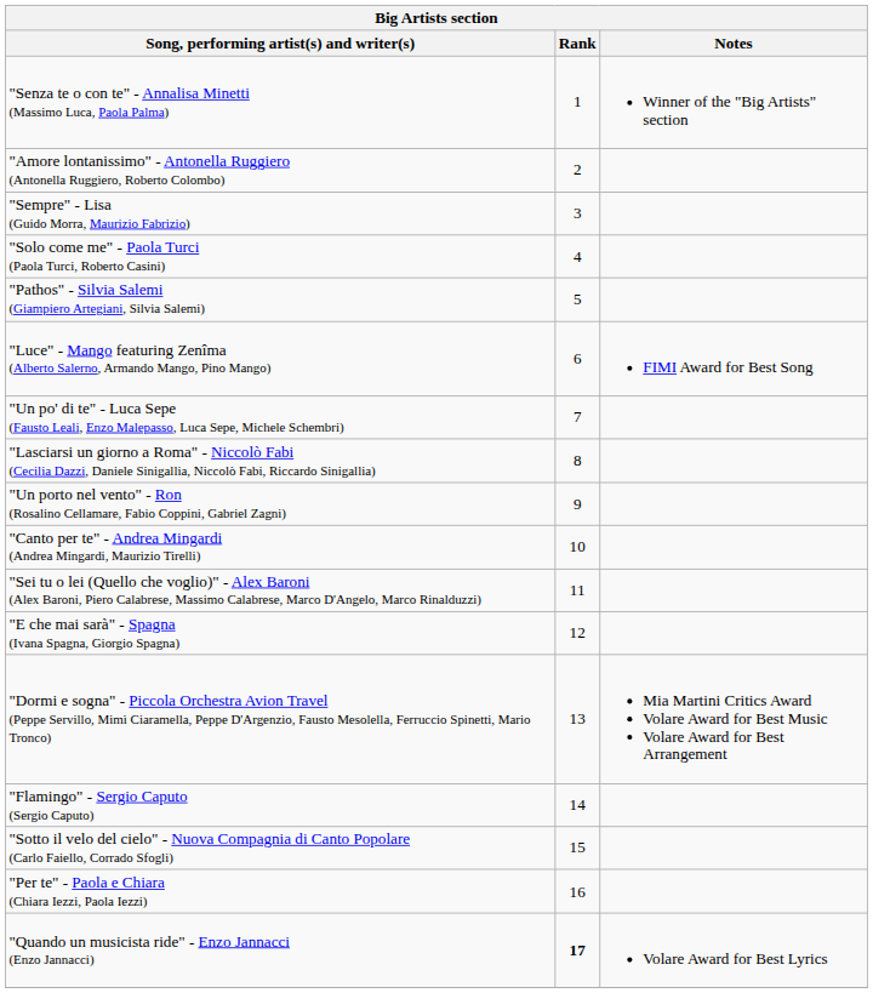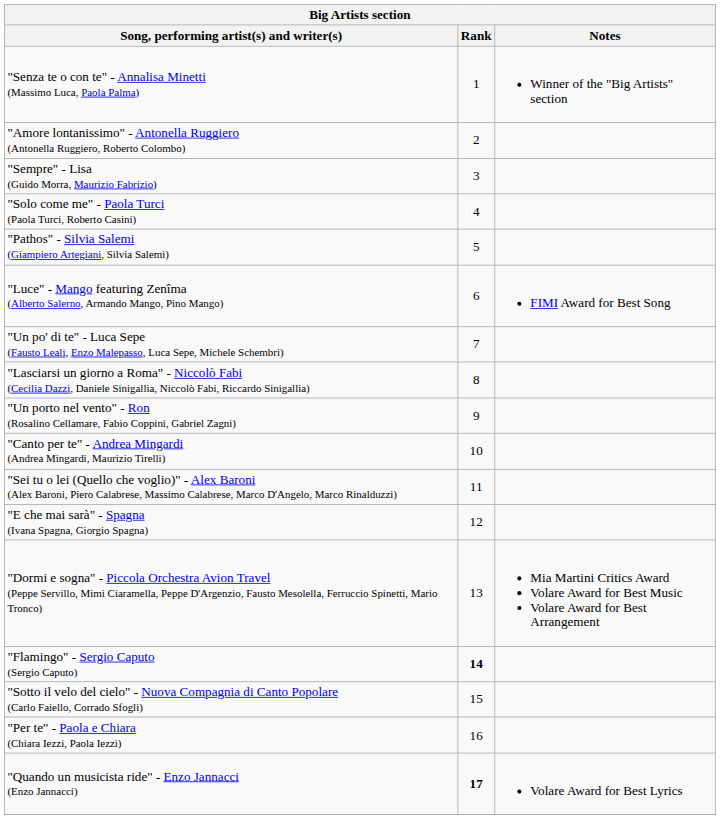 <table class="plainrowheaders wikitable">
 <tr>
 <th colspan="3">Big Artists section</th>
 </tr>
 <tr>
 <th>Song, performing artist(s) and writer(s)</th>
 <th>Rank</th>
 <th>Notes</th>
 </tr>
 <tr>
 <td>"Senza te o con te" - <a href='#'>Annalisa Minetti</a><br><small> 	(Massimo Luca, <a href='#'>Paola Palma</a>) 	</small></td>
 <td align="center">1</td>
 <td><br><ul><li>Winner of the "Big Artists" section</li></ul></td>
 </tr>
 <tr>
 <td>"Amore lontanissimo" - <a href='#'>Antonella Ruggiero</a><br><small> 	 	(Antonella Ruggiero, Roberto Colombo) 	</small></td>
 <td align="center">2</td>
 <td></td>
 </tr>
 <tr>
 <td>"Sempre" - Lisa<br><small> 	(Guido Morra, <a href='#'>Maurizio Fabrizio</a>) 	</small></td>
 <td align="center">3</td>
 <td></td>
 </tr>
 <tr>
 <td>"Solo come me" - <a href='#'>Paola Turci</a><br> <small>	 	(Paola Turci, Roberto Casini) 	</small></td>
 <td align="center">4</td>
 <td></td>
 </tr>
 <tr>
 <td>"Pathos" - <a href='#'>Silvia Salemi</a><br> <small>	 	(<a href='#'>Giampiero Artegiani</a>, Silvia Salemi) 	</small></td>
 <td align="center">5</td>
 <td></td>
 </tr>
 <tr>
 <td>"Luce" - <a href='#'>Mango</a> featuring Zenîma<br><small> 	 	(<a href='#'>Alberto Salerno</a>, Armando Mango, Pino Mango) 	</small></td>
 <td align="center">6</td>
 <td><br><ul><li><a href='#'>FIMI</a> Award for Best Song</li></ul></td>
 </tr>
 <tr>
 <td>"Un po' di te" - Luca Sepe<br> <small>	 	(<a href='#'>Fausto Leali</a>, <a href='#'>Enzo Malepasso</a>, Luca Sepe, Michele Schembri) 	 </small></td>
 <td align="center">7</td>
 <td></td>
 </tr>
 <tr>
 <td>"Lasciarsi un giorno a Roma" - <a href='#'>Niccolò Fabi</a><br><small> 	 	(<a href='#'>Cecilia Dazzi</a>, Daniele Sinigallia, Niccolò Fabi, Riccardo Sinigallia) 	</small></td>
 <td align="center">8</td>
 <td></td>
 </tr>
 <tr>
 <td>"Un porto nel vento" - <a href='#'>Ron</a><br><small> 	 	(Rosalino Cellamare, Fabio Coppini, Gabriel Zagni) 	</small></td>
 <td align="center">9</td>
 <td></td>
 </tr>
 <tr>
 <td>"Canto per te" - <a href='#'>Andrea Mingardi</a><br><small> 	(Andrea Mingardi, Maurizio Tirelli) 	</small></td>
 <td align="center">10</td>
 <td></td>
 </tr>
 <tr>
 <td>"Sei tu o lei (Quello che voglio)" - <a href='#'>Alex Baroni</a><br> <small>	 	(Alex Baroni, Piero Calabrese, Massimo Calabrese, Marco D'Angelo, Marco Rinalduzzi) 	</small></td>
 <td align="center">11</td>
 <td></td>
 </tr>
 <tr>
 <td>"E che mai sarà" - <a href='#'>Spagna</a><br> <small>	 	(Ivana Spagna, Giorgio Spagna) 	</small></td>
 <td align="center">12</td>
 <td></td>
 </tr>
 <tr>
 <td>"Dormi e sogna" - <a href='#'>Piccola Orchestra Avion Travel</a><br><small> 	 	(Peppe Servillo, Mimì Ciaramella, Peppe D'Argenzio, Fausto Mesolella, Ferruccio Spinetti, Mario Tronco) 	</small></td>
 <td align="center">13</td>
 <td><br><ul><li>Mia Martini Critics Award</li><li>Volare Award for Best Music</li><li>Volare Award for Best Arrangement</li></ul></td>
 </tr>
 <tr>
 <td>"Flamingo" - <a href='#'>Sergio Caputo</a><br><small> 	 	(Sergio Caputo) 	</small></td>
-<td align="center">14</td>
+<td align="center"><strong>14</strong></td>
 <td></td>
 </tr>
 <tr>
 <td>"Sotto il velo del cielo" - <a href='#'>Nuova Compagnia di Canto Popolare</a> <br><small> 	(Carlo Faiello, Corrado Sfogli) 	</small></td>
 <td align="center">15</td>
 <td></td>
 </tr>
 <tr>
 <td>"Per te" - <a href='#'>Paola e Chiara</a><br><small> 	 	(Chiara Iezzi, Paola Iezzi) 	</small></td>
 <td align="center">16</td>
 <td></td>
 </tr>
 <tr>
 <td>"Quando un musicista ride" - <a href='#'>Enzo Jannacci</a><br> <small>	 	(Enzo Jannacci) 	</small></td>
 <td align="center"><strong>17</strong></td>
 <td><br><ul><li>Volare Award for Best Lyrics</li></ul></td>
 </tr>
 <tr>
 </tr>
 </table>
